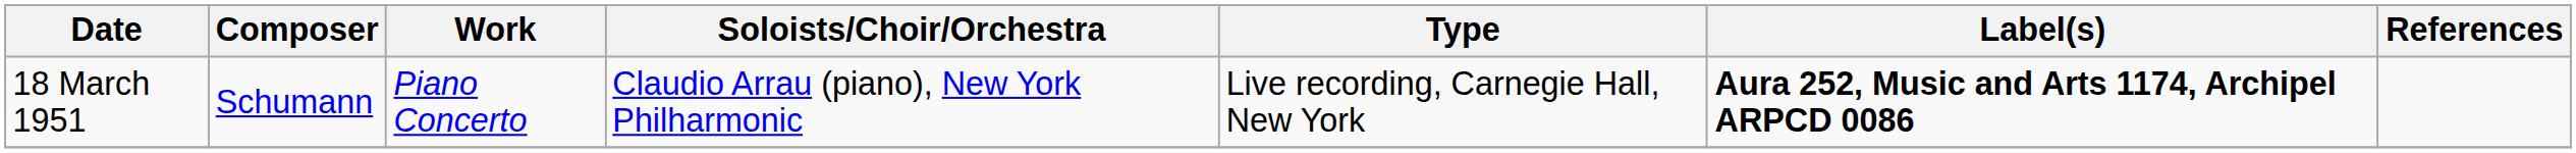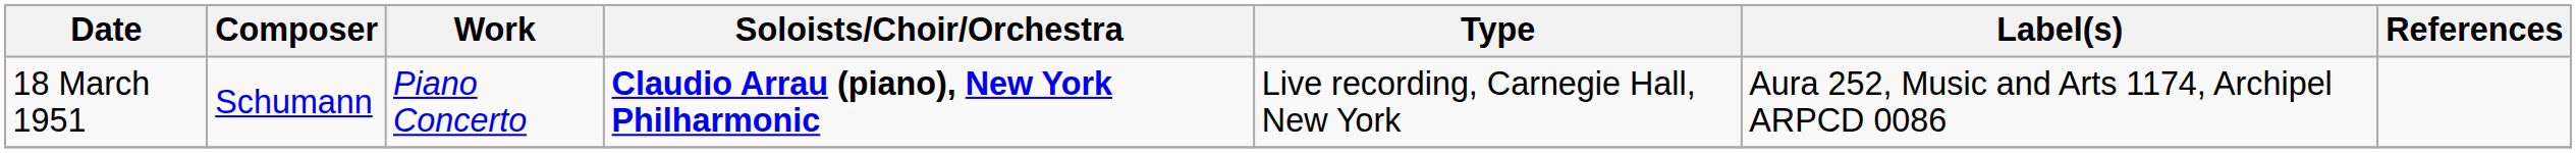 <table class="wikitable">
 <tr>
 <th>Date</th>
 <th>Composer</th>
 <th>Work</th>
 <th>Soloists/Choir/Orchestra</th>
 <th>Type</th>
 <th>Label(s)</th>
 <th>References</th>
 </tr>
 <tr>
 <td>18 March 1951</td>
 <td><a href='#'>Schumann</a></td>
 <td><em><a href='#'>Piano Concerto</a></em></td>
-<td><a href='#'>Claudio Arrau</a> (piano), <a href='#'>New York Philharmonic</a></td>
+<td><strong><a href='#'>Claudio Arrau</a> (piano), <a href='#'>New York Philharmonic</a></strong></td>
 <td>Live recording, Carnegie Hall, New York</td>
-<td><strong>Aura 252, Music and Arts 1174, Archipel ARPCD 0086</strong></td>
+<td>Aura 252, Music and Arts 1174, Archipel ARPCD 0086</td>
 <td></td>
 </tr>
 <tr>
 </tr>
 </table>
